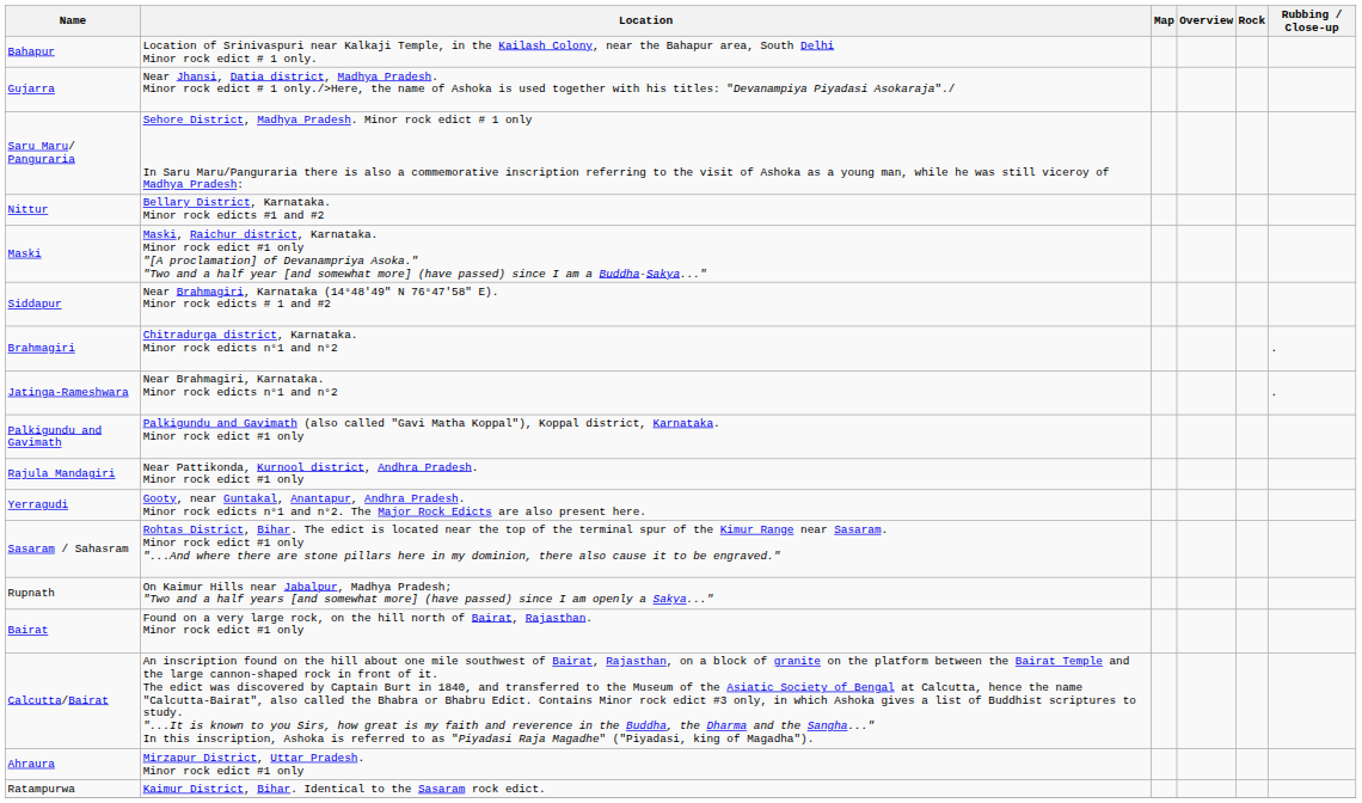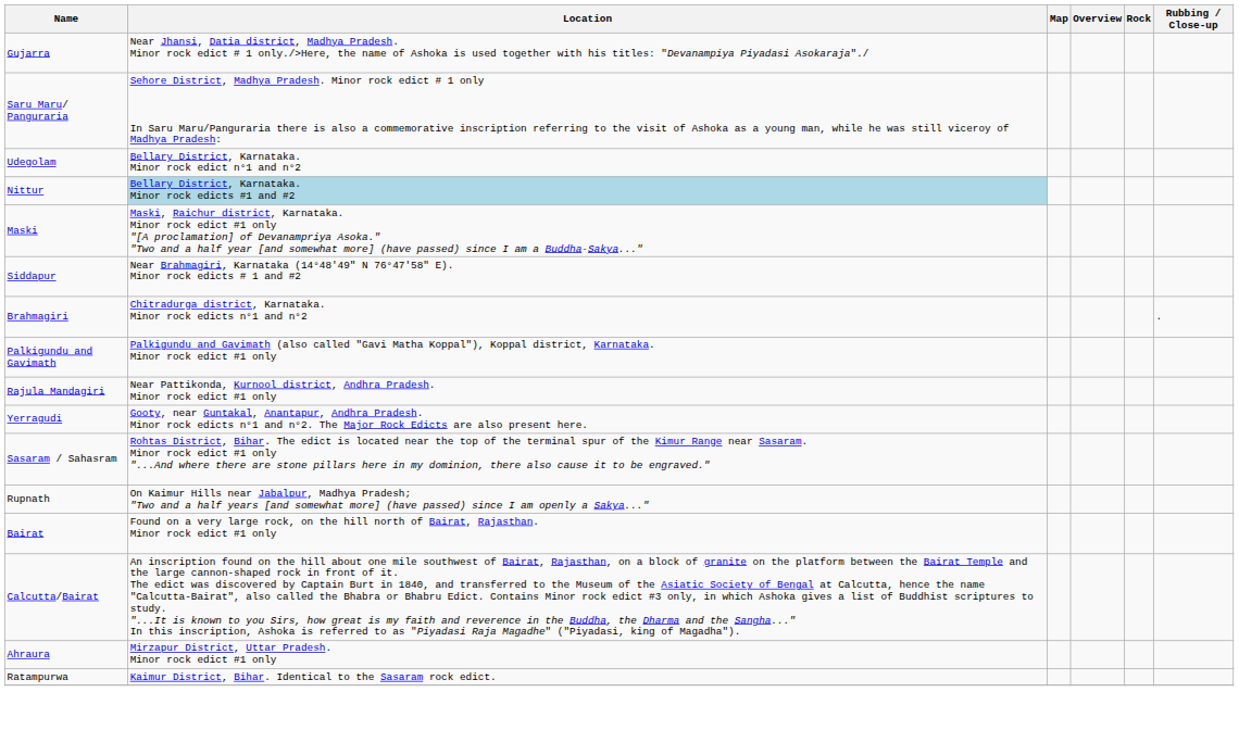 <table class = "wikitable center">
 <tr>
 <th scope = "col" width = "10%">Name</th>
 <th scope = "col">Location</th>
 <th scope = "col">Map</th>
 <th scope = "col">Overview</th>
 <th scope = "col">Rock</th>
 <th scope = "col">Rubbing / Close-up</th>
-</tr>
-<tr>
-<td><a href='#'>Bahapur</a></td>
-<td>Location of Srinivaspuri near Kalkaji Temple, in the <a href='#'>Kailash Colony</a>, near the Bahapur area, South <a href='#'>Delhi</a> <br> Minor rock edict # 1 only.<br> </td>
-<td><br></td>
-<td></td>
-<td></td>
-<td></td>
 </tr>
 <tr>
 <td><a href='#'>Gujarra</a></td>
 <td>Near <a href='#'>Jhansi</a>, <a href='#'>Datia district</a>, <a href='#'>Madhya Pradesh</a>. <br> Minor rock edict # 1 only./>Here, the name of Ashoka is used together with his titles: "<em>Devanampiya Piyadasi Asokaraja</em>"./<br><br></td>
 <td><br></td>
 <td></td>
 <td></td>
 <td></td>
 </tr>
 <tr>
 <td><a href='#'>Saru Maru</a>/<br><a href='#'>Panguraria</a></td>
 <td><a href='#'>Sehore District</a>, <a href='#'>Madhya Pradesh</a>. Minor rock edict # 1 only<br> <br><br><br>In Saru Maru/Panguraria there is also a commemorative inscription referring to the visit of Ashoka as a young man, while he was still viceroy of <a href='#'>Madhya Pradesh</a>: </td>
 <td><br></td>
 <td></td>
 <td></td>
 <td></td>
 </tr>
 <tr>
+<td><a href='#'>Udegolam</a></td>
+<td><a href='#'>Bellary District</a>, Karnataka. <br> Minor rock edict n°1 and n°2<br></td>
+<td><br></td>
+<td></td>
+<td> </td>
+<td></td>
+</tr>
+<tr>
 <td><a href='#'>Nittur</a></td>
-<td><a href='#'>Bellary District</a>, Karnataka. <br> Minor rock edicts #1 and #2<br></td>
+<td style="background: lightblue;"><a href='#'>Bellary District</a>, Karnataka. <br> Minor rock edicts #1 and #2<br></td>
 <td><br></td>
 <td></td>
 <td></td>
 <td></td>
 </tr>
 <tr>
 <td><a href='#'>Maski</a></td>
 <td><a href='#'>Maski</a>, <a href='#'>Raichur district</a>, Karnataka. <br> Minor rock edict #1 only<br><em>"[A proclamation] of Devanampriya Asoka."</em><br><em>"Two and a half year [and somewhat more] (have passed) since I am a <a href='#'>Buddha</a>-<a href='#'>Sakya</a>..."</em>  <br></td>
 <td><br></td>
 <td></td>
 <td></td>
 <td></td>
 </tr>
 <tr>
 <td><a href='#'>Siddapur</a></td>
 <td>Near <a href='#'>Brahmagiri</a>, Karnataka (14°48'49" N 76°47'58" E). <br> Minor rock edicts # 1 and #2<br> <br></td>
 <td><br></td>
 <td></td>
 <td></td>
 <td></td>
 </tr>
 <tr>
 <td><a href='#'>Brahmagiri</a></td>
 <td><a href='#'>Chitradurga district</a>, Karnataka. <br> Minor rock edicts n°1 and n°2<br><br></td>
-<td><br></td>
-<td></td>
-<td></td>
-<td>.</td>
-</tr>
-<tr>
-<td><a href='#'>Jatinga-Rameshwara</a></td>
-<td>Near Brahmagiri, Karnataka. <br> Minor rock edicts n°1 and n°2<br><br></td>
 <td><br></td>
 <td></td>
 <td></td>
 <td>.</td>
 </tr>
 <tr>
 <td><a href='#'>Palkigundu and Gavimath</a></td>
 <td> <a href='#'>Palkigundu and Gavimath</a> (also called "Gavi Matha Koppal"), Koppal district, <a href='#'>Karnataka</a>. <br> Minor rock edict #1 only<br><br></td>
 <td><br> </td>
 <td> </td>
 <td></td>
 <td></td>
 </tr>
 <tr>
 <td><a href='#'>Rajula Mandagiri</a></td>
 <td>Near Pattikonda, <a href='#'>Kurnool district</a>, <a href='#'>Andhra Pradesh</a>. <br> Minor rock edict #1 only<br></td>
 <td><br></td>
 <td></td>
 <td></td>
 <td></td>
 </tr>
 <tr>
 <td><a href='#'>Yerragudi</a></td>
 <td><a href='#'>Gooty</a>, near <a href='#'>Guntakal</a>, <a href='#'>Anantapur</a>, <a href='#'>Andhra Pradesh</a>. <br> Minor rock edicts n°1 and n°2. The <a href='#'>Major Rock Edicts</a> are also present here.<br></td>
 <td><br></td>
 <td></td>
 <td></td>
 <td></td>
 </tr>
 <tr>
 <td><a href='#'>Sasaram</a> / Sahasram</td>
 <td><a href='#'>Rohtas District</a>, <a href='#'>Bihar</a>. The edict is located near the top of the terminal spur of the <a href='#'>Kimur Range</a> near <a href='#'>Sasaram</a>.<br> Minor rock edict #1 only<br><em>"...And where there are stone pillars here in my dominion, there also cause it to be engraved."</em> <br><br></td>
 <td><br></td>
 <td></td>
 <td></td>
 <td></td>
 </tr>
 <tr>
 <td>Rupnath</td>
 <td>On Kaimur Hills near <a href='#'>Jabalpur</a>, Madhya Pradesh; <br><em>"Two and a half years [and somewhat more] (have passed) since I am openly a <a href='#'>Sakya</a>..."</em> <br></td>
 <td><br></td>
 <td></td>
 <td></td>
 <td></td>
 </tr>
 <tr>
 <td><a href='#'>Bairat</a></td>
 <td>Found on a very large rock, on the hill north of <a href='#'>Bairat</a>, <a href='#'>Rajasthan</a>. <br> Minor rock edict #1 only<br> <br></td>
 <td><br></td>
 <td></td>
 <td></td>
 <td></td>
 </tr>
 <tr>
 <td><a href='#'>Calcutta</a>/<a href='#'>Bairat</a></td>
 <td>An inscription found on the hill about one mile southwest of <a href='#'>Bairat</a>, <a href='#'>Rajasthan</a>, on a block of <a href='#'>granite</a> on the platform between the <a href='#'>Bairat Temple</a> and the large cannon-shaped rock in front of it.<br>The edict was discovered by Captain Burt in 1840, and transferred to the Museum of the <a href='#'>Asiatic Society of Bengal</a> at Calcutta, hence the name "Calcutta-Bairat", also called the Bhabra or Bhabru Edict. Contains Minor rock edict #3 only, in which Ashoka gives a list of Buddhist scriptures to study.<br><em>"...It is known to you Sirs, how great is my faith and reverence in the <a href='#'>Buddha</a>, the <a href='#'>Dharma</a> and the <a href='#'>Sangha</a>..."</em> <br>In this inscription, Ashoka is referred to as "<em>Piyadasi Raja Magadhe</em>" ("Piyadasi, king of Magadha").<br></td>
 <td><br></td>
 <td></td>
 <td><br><small></small></td>
 <td><br></td>
 </tr>
 <tr>
 <td><a href='#'>Ahraura</a></td>
 <td><a href='#'>Mirzapur District</a>, <a href='#'>Uttar Pradesh</a>. <br> Minor rock edict #1 only<br></td>
 <td><br></td>
 <td></td>
 <td></td>
 <td></td>
 </tr>
 <tr>
 <td>Ratampurwa</td>
 <td><a href='#'>Kaimur District</a>, <a href='#'>Bihar</a>. Identical to the <a href='#'>Sasaram</a> rock edict.<br></td>
 <td><br></td>
 <td></td>
 <td></td>
 <td></td>
 </tr>
 <tr>
 </tr>
 </table>
